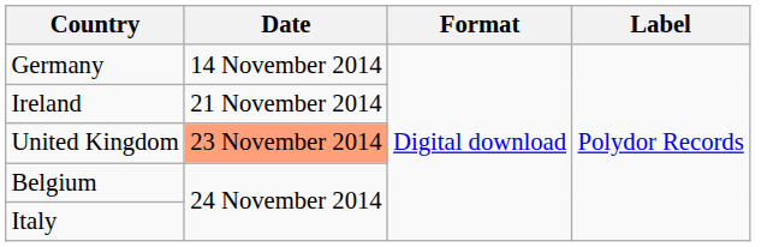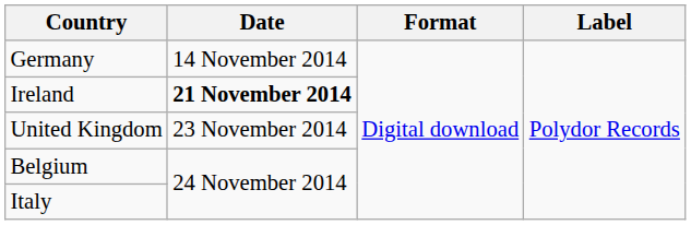 <table class="wikitable sortable">
 <tr>
 <th>Country</th>
 <th>Date</th>
 <th>Format</th>
 <th>Label</th>
 </tr>
 <tr>
 <td>Germany</td>
 <td>14 November 2014</td>
 <td rowspan="5"><a href='#'>Digital download</a></td>
 <td rowspan="5"><a href='#'>Polydor Records</a></td>
 </tr>
 <tr>
 <td>Ireland</td>
-<td>21 November 2014</td>
+<td><strong>21 November 2014</strong></td>
 </tr>
 <tr>
 <td>United Kingdom</td>
-<td style="background: lightsalmon;">23 November 2014</td>
+<td>23 November 2014</td>
 </tr>
 <tr>
 <td>Belgium</td>
 <td rowspan="2">24 November 2014</td>
 </tr>
 <tr>
 <td>Italy</td>
 </tr>
 </table>
